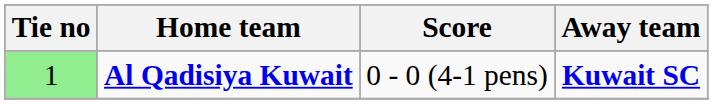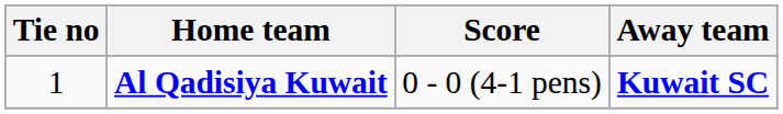 <table class="wikitable" style="text-align: center">
 <tr>
 <th>Tie no</th>
 <th>Home team</th>
 <th>Score</th>
 <th>Away team</th>
 </tr>
 <tr>
-<td style="background: lightgreen;">1</td>
+<td>1</td>
 <td><strong><a href='#'>Al Qadisiya Kuwait</a></strong></td>
 <td>0 - 0 (4-1 pens)</td>
 <td><strong><a href='#'>Kuwait SC</a></strong></td>
 </tr>
 <tr>
 </tr>
 </table>
